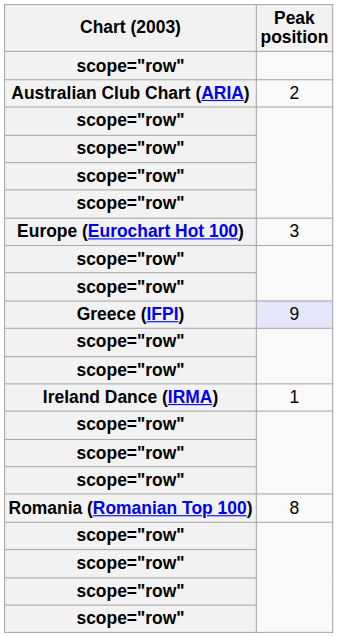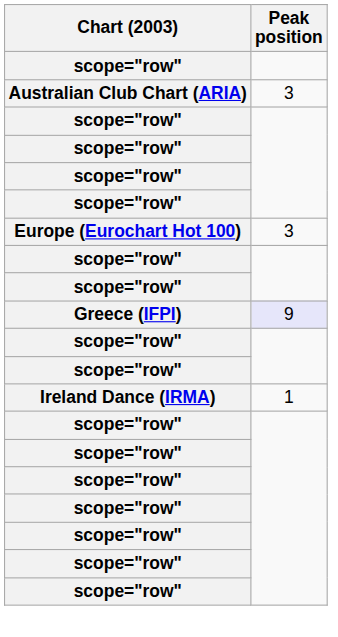 <table class="wikitable sortable plainrowheaders" style="text-align:center">
 <tr>
 <th>Chart (2003)</th>
 <th>Peak<br>position</th>
 </tr>
 <tr>
 <th>scope="row"</th>
 </tr>
 <tr>
 <th scope="row">Australian Club Chart (<a href='#'>ARIA</a>)</th>
-<td>2</td>
+<td>3</td>
 </tr>
 <tr>
 <th>scope="row"</th>
 </tr>
 <tr>
 <th>scope="row"</th>
 </tr>
 <tr>
 <th>scope="row"</th>
 </tr>
 <tr>
 <th>scope="row"</th>
 </tr>
 <tr>
 <th scope="row">Europe (<a href='#'>Eurochart Hot 100</a>)</th>
 <td>3</td>
 </tr>
 <tr>
 <th>scope="row"</th>
 </tr>
 <tr>
 <th>scope="row"</th>
 </tr>
 <tr>
 <th scope="row">Greece (<a href='#'>IFPI</a>)</th>
 <td style="background: lavender;">9</td>
 </tr>
 <tr>
 <th>scope="row"</th>
 </tr>
 <tr>
 <th>scope="row"</th>
 </tr>
 <tr>
 <th scope="row">Ireland Dance (<a href='#'>IRMA</a>)</th>
 <td>1</td>
 </tr>
 <tr>
 <th>scope="row"</th>
 </tr>
 <tr>
 <th>scope="row"</th>
 </tr>
 <tr>
 <th>scope="row"</th>
 </tr>
 <tr>
-<th scope="row">Romania (<a href='#'>Romanian Top 100</a>)</th>
-<td>8</td>
-</tr>
-<tr>
 <th>scope="row"</th>
 </tr>
 <tr>
 <th>scope="row"</th>
 </tr>
 <tr>
 <th>scope="row"</th>
 </tr>
 <tr>
 <th>scope="row"</th>
 </tr>
 </table>
